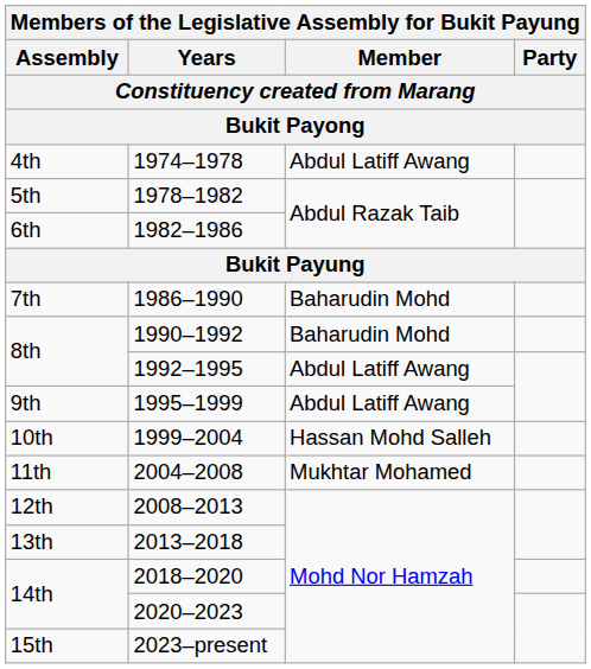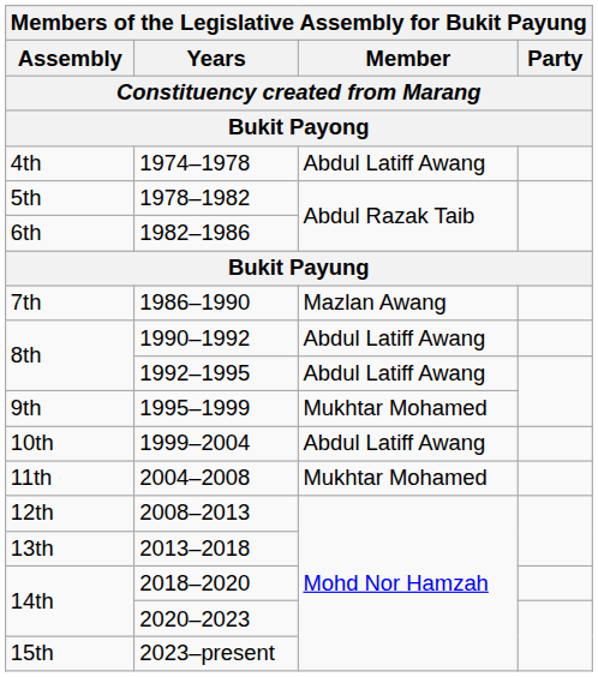 <table class=wikitable>
 <tr>
 <th colspan=4>Members of the Legislative Assembly for Bukit Payung</th>
 </tr>
 <tr>
 <th>Assembly</th>
 <th>Years</th>
 <th>Member</th>
 <th>Party</th>
 </tr>
 <tr>
 <th colspan=4 align=center><em>Constituency created from Marang</em></th>
 </tr>
 <tr>
 <th colspan=4 align=center>Bukit Payong</th>
 </tr>
 <tr>
 <td>4th</td>
 <td>1974–1978</td>
 <td>Abdul Latiff Awang</td>
 <td></td>
 </tr>
 <tr>
 <td>5th</td>
 <td>1978–1982</td>
 <td rowspan=2>Abdul Razak Taib</td>
 <td rowspan=2></td>
 </tr>
 <tr>
 <td>6th</td>
 <td>1982–1986</td>
 </tr>
 <tr>
 <th colspan=4 align=center>Bukit Payung</th>
 </tr>
 <tr>
 <td>7th</td>
 <td>1986–1990</td>
-<td>Baharudin Mohd</td>
+<td>Mazlan Awang</td>
 <td></td>
 </tr>
 <tr>
 <td rowspan=2>8th</td>
 <td>1990–1992</td>
-<td>Baharudin Mohd</td>
+<td>Abdul Latiff Awang</td>
 <td></td>
 </tr>
 <tr>
 <td>1992–1995</td>
 <td>Abdul Latiff Awang</td>
 <td rowspan=2></td>
 </tr>
 <tr>
 <td>9th</td>
 <td>1995–1999</td>
-<td>Abdul Latiff Awang</td>
+<td>Mukhtar Mohamed</td>
 </tr>
 <tr>
 <td>10th</td>
 <td>1999–2004</td>
-<td>Hassan Mohd Salleh</td>
+<td>Abdul Latiff Awang</td>
 <td></td>
 </tr>
 <tr>
 <td>11th</td>
 <td>2004–2008</td>
 <td>Mukhtar Mohamed</td>
 <td></td>
 </tr>
 <tr>
 <td>12th</td>
 <td>2008–2013</td>
 <td rowspan=5><a href='#'>Mohd Nor Hamzah</a></td>
 <td rowspan=2></td>
 </tr>
 <tr>
 <td>13th</td>
 <td>2013–2018</td>
 </tr>
 <tr>
 <td rowspan=2>14th</td>
 <td>2018–2020</td>
 <td></td>
 </tr>
 <tr>
 <td>2020–2023</td>
 <td rowspan="2"></td>
 </tr>
 <tr>
 <td>15th</td>
 <td>2023–present</td>
 </tr>
 </table>
